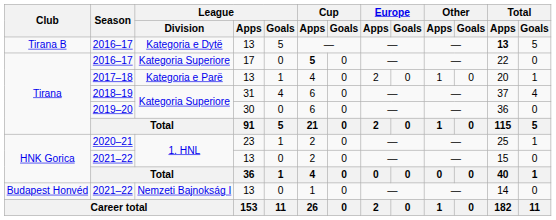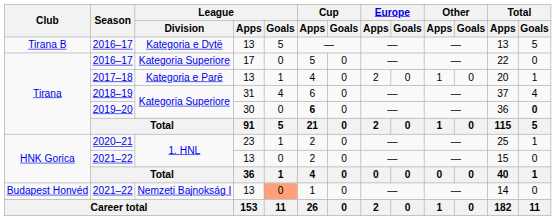 <table class="wikitable" style="text-align:center">
 <tr>
 <th rowspan="2">Club</th>
 <th rowspan="2">Season</th>
 <th colspan="3">League</th>
 <th colspan="2">Cup</th>
 <th colspan="2"><a href='#'>Europe</a></th>
 <th colspan="2">Other</th>
 <th colspan="2">Total</th>
 </tr>
 <tr>
 <th>Division</th>
 <th>Apps</th>
 <th>Goals</th>
 <th>Apps</th>
 <th>Goals</th>
 <th>Apps</th>
 <th>Goals</th>
 <th>Apps</th>
 <th>Goals</th>
 <th>Apps</th>
 <th>Goals</th>
 </tr>
 <tr>
 <td rowspan="1" valign="center"><a href='#'>Tirana B</a></td>
 <td><a href='#'>2016–17</a></td>
 <td rowspan="1"><a href='#'>Kategoria e Dytë</a></td>
 <td>13</td>
 <td>5</td>
 <td colspan="2">—</td>
 <td colspan="2">—</td>
 <td colspan="2">—</td>
-<td><strong>13</strong></td>
+<td>13</td>
 <td>5</td>
 </tr>
 <tr>
 <td rowspan="5" valign="center"><a href='#'>Tirana</a></td>
 <td><a href='#'>2016–17</a></td>
 <td rowspan="1"><a href='#'>Kategoria Superiore</a></td>
 <td>17</td>
 <td>0</td>
-<td><strong>5</strong></td>
+<td>5</td>
 <td>0</td>
 <td colspan="2">—</td>
 <td colspan="2">—</td>
 <td>22</td>
 <td>0</td>
 </tr>
 <tr>
 <td><a href='#'>2017–18</a></td>
 <td rowspan="1"><a href='#'>Kategoria e Parë</a></td>
 <td>13</td>
 <td>1</td>
 <td>4</td>
 <td>0</td>
 <td>2</td>
 <td>0</td>
 <td>1</td>
 <td>0</td>
 <td>20</td>
 <td>1</td>
 </tr>
 <tr>
 <td><a href='#'>2018–19</a></td>
 <td rowspan="2"><a href='#'>Kategoria Superiore</a></td>
 <td>31</td>
 <td>4</td>
 <td>6</td>
 <td>0</td>
 <td colspan="2">—</td>
 <td colspan="2">—</td>
 <td>37</td>
 <td>4</td>
 </tr>
 <tr>
 <td><a href='#'>2019–20</a></td>
 <td>30</td>
 <td>0</td>
-<td>6</td>
+<td><strong>6</strong></td>
 <td>0</td>
 <td colspan="2">—</td>
 <td colspan="2">—</td>
 <td>36</td>
-<td>0</td>
+<td><strong>0</strong></td>
 </tr>
 <tr>
 <th colspan="2" valign="center">Total</th>
 <th>91</th>
 <th>5</th>
 <th>21</th>
 <th>0</th>
 <th>2</th>
 <th>0</th>
 <th>1</th>
 <th>0</th>
 <th>115</th>
 <th>5</th>
 </tr>
 <tr>
 <td rowspan="3" valign="center"><a href='#'>HNK Gorica</a></td>
 <td><a href='#'>2020–21</a></td>
 <td rowspan="2"><a href='#'>1. HNL</a></td>
 <td>23</td>
 <td>1</td>
 <td>2</td>
 <td>0</td>
 <td colspan="2">—</td>
 <td colspan="2">—</td>
 <td>25</td>
 <td>1</td>
 </tr>
 <tr>
 <td><a href='#'>2021–22</a></td>
 <td>13</td>
 <td>0</td>
 <td>2</td>
 <td>0</td>
 <td colspan="2">—</td>
 <td colspan="2">—</td>
 <td>15</td>
 <td>0</td>
 </tr>
 <tr>
 <th colspan="2" valign="center">Total</th>
 <th>36</th>
 <th>1</th>
 <th>4</th>
 <th>0</th>
 <th>0</th>
 <th>0</th>
 <th>0</th>
 <th>0</th>
 <th>40</th>
 <th>1</th>
 </tr>
 <tr>
 <td rowspan="1" valign="center"><a href='#'>Budapest Honvéd</a></td>
 <td><a href='#'>2021–22</a></td>
 <td rowspan="1"><a href='#'>Nemzeti Bajnokság I</a></td>
 <td>13</td>
-<td>0</td>
+<td style="background: lightsalmon;">0</td>
 <td>1</td>
 <td>0</td>
 <td colspan="2">—</td>
 <td colspan="2">—</td>
 <td>14</td>
 <td>0</td>
 </tr>
 <tr>
 <th colspan="3">Career total</th>
 <th>153</th>
 <th>11</th>
 <th>26</th>
 <th>0</th>
 <th>2</th>
 <th>0</th>
 <th>1</th>
 <th>0</th>
 <th>182</th>
 <th>11</th>
 </tr>
 </table>
